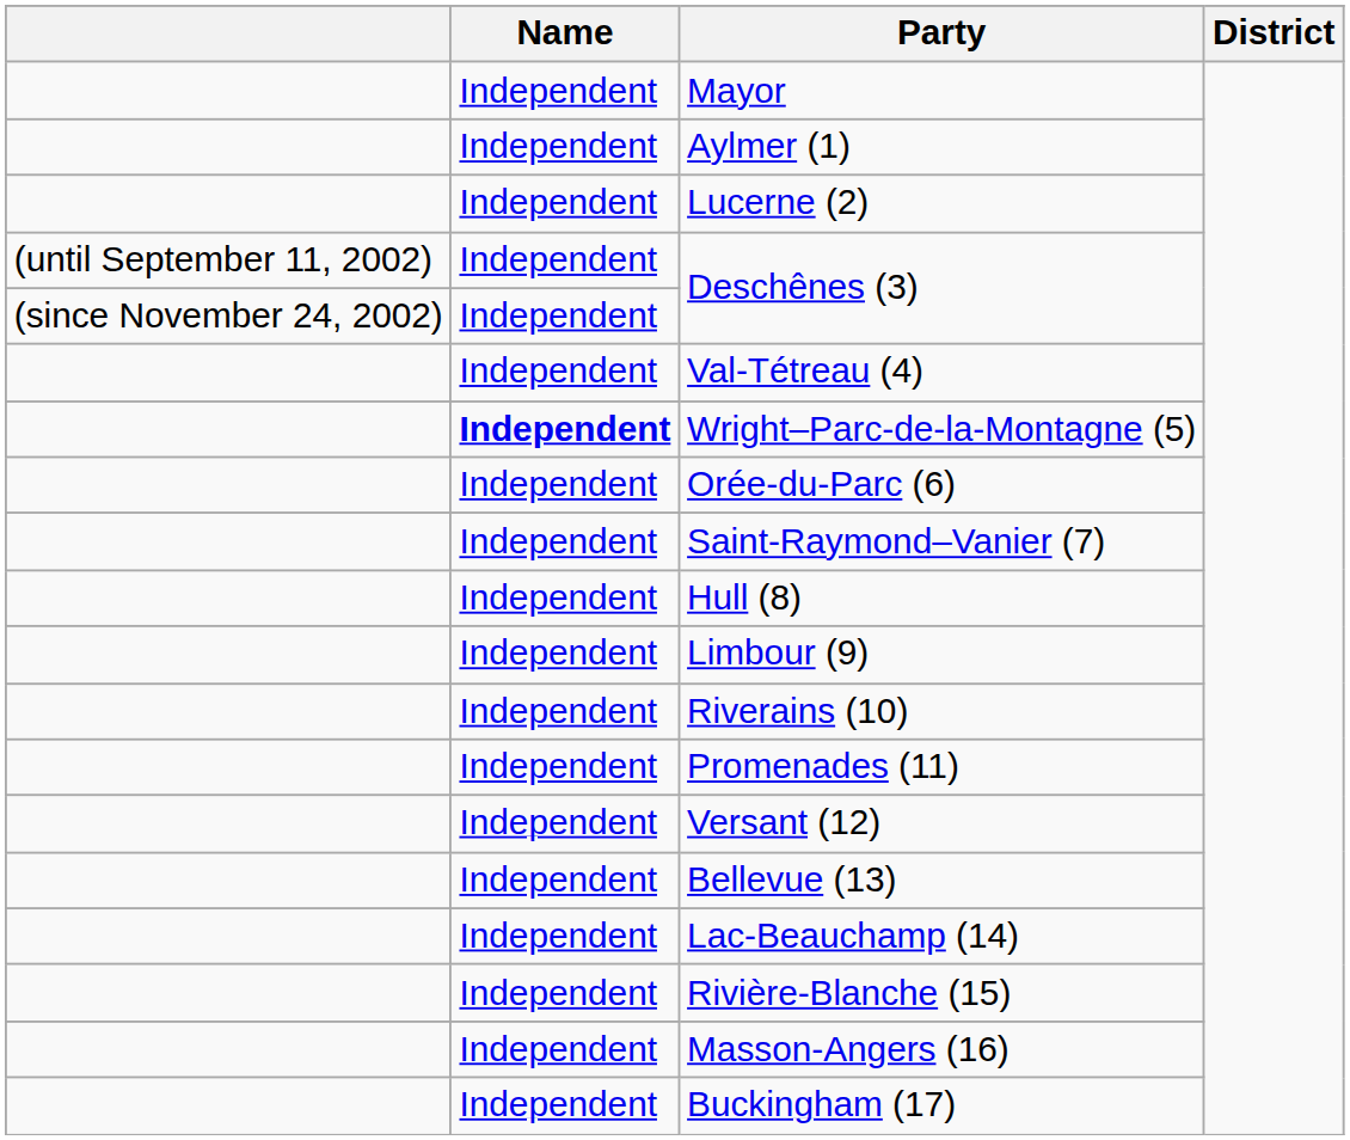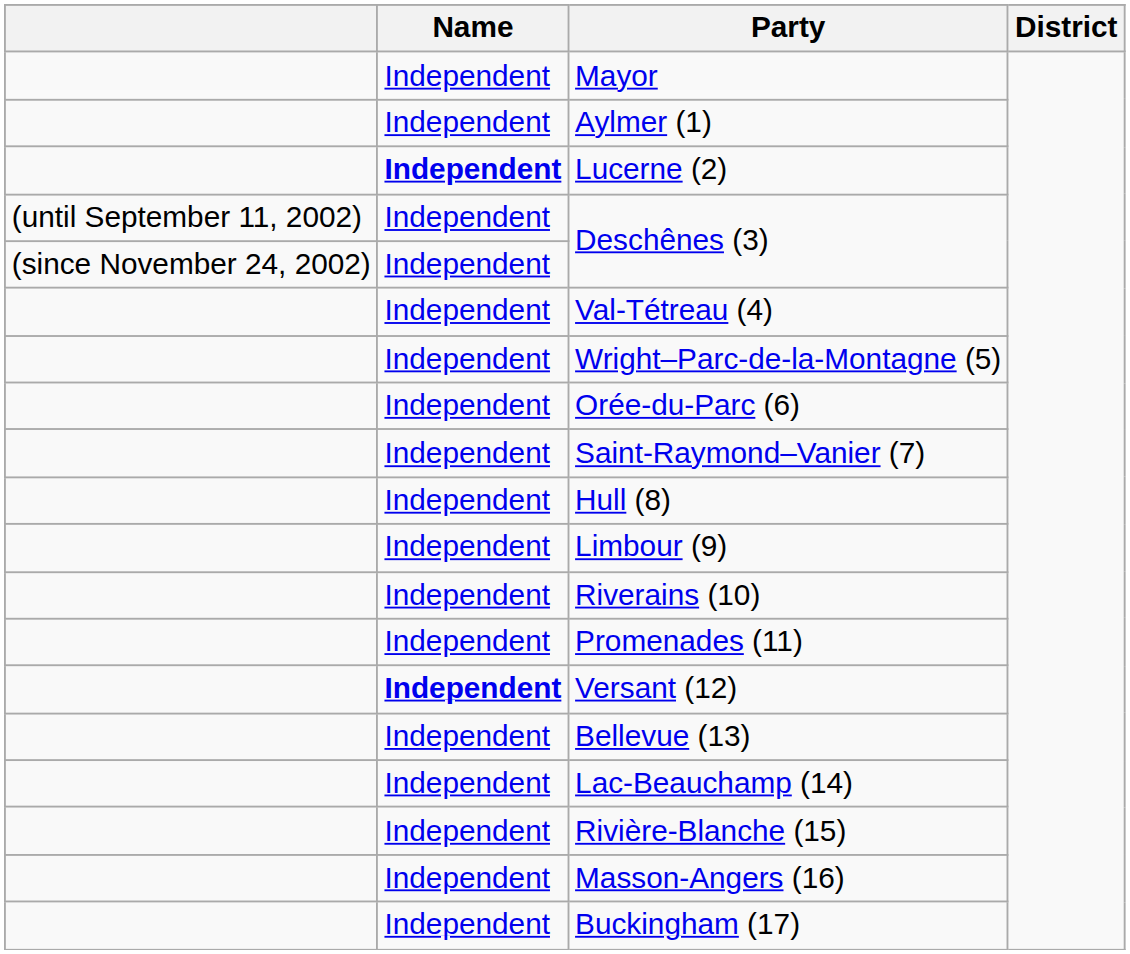 <table class="wikitable sortable">
 <tr>
 <th></th>
 <th>Name</th>
 <th>Party</th>
 <th>District</th>
 </tr>
 <tr>
 <td><strong></strong></td>
 <td><a href='#'>Independent</a></td>
 <td><a href='#'>Mayor</a></td>
 </tr>
 <tr>
 <td></td>
 <td><a href='#'>Independent</a></td>
 <td><a href='#'>Aylmer</a> (1)</td>
 </tr>
 <tr>
 <td></td>
-<td><a href='#'>Independent</a></td>
+<td><strong><a href='#'>Independent</a></strong></td>
 <td><a href='#'>Lucerne</a> (2)</td>
 </tr>
 <tr>
 <td> (until September 11, 2002)</td>
 <td><a href='#'>Independent</a></td>
 <td rowspan="2"><a href='#'>Deschênes</a> (3)</td>
 </tr>
 <tr>
 <td> (since November 24, 2002)</td>
 <td><a href='#'>Independent</a></td>
 </tr>
 <tr>
 <td></td>
 <td><a href='#'>Independent</a></td>
 <td><a href='#'>Val-Tétreau</a> (4)</td>
 </tr>
 <tr>
 <td></td>
-<td><strong><a href='#'>Independent</a></strong></td>
+<td><a href='#'>Independent</a></td>
 <td><a href='#'>Wright–Parc-de-la-Montagne</a> (5)</td>
 </tr>
 <tr>
 <td></td>
 <td><a href='#'>Independent</a></td>
 <td><a href='#'>Orée-du-Parc</a> (6)</td>
 </tr>
 <tr>
 <td></td>
 <td><a href='#'>Independent</a></td>
 <td><a href='#'>Saint-Raymond–Vanier</a> (7)</td>
 </tr>
 <tr>
 <td></td>
 <td><a href='#'>Independent</a></td>
 <td><a href='#'>Hull</a> (8)</td>
 </tr>
 <tr>
 <td></td>
 <td><a href='#'>Independent</a></td>
 <td><a href='#'>Limbour</a> (9)</td>
 </tr>
 <tr>
 <td></td>
 <td><a href='#'>Independent</a></td>
 <td><a href='#'>Riverains</a> (10)</td>
 </tr>
 <tr>
 <td></td>
 <td><a href='#'>Independent</a></td>
 <td><a href='#'>Promenades</a> (11)</td>
 </tr>
 <tr>
 <td></td>
-<td><a href='#'>Independent</a></td>
+<td><strong><a href='#'>Independent</a></strong></td>
 <td><a href='#'>Versant</a> (12)</td>
 </tr>
 <tr>
 <td></td>
 <td><a href='#'>Independent</a></td>
 <td><a href='#'>Bellevue</a> (13)</td>
 </tr>
 <tr>
 <td></td>
 <td><a href='#'>Independent</a></td>
 <td><a href='#'>Lac-Beauchamp</a> (14)</td>
 </tr>
 <tr>
 <td></td>
 <td><a href='#'>Independent</a></td>
 <td><a href='#'>Rivière-Blanche</a> (15)</td>
 </tr>
 <tr>
 <td></td>
 <td><a href='#'>Independent</a></td>
 <td><a href='#'>Masson-Angers</a> (16)</td>
 </tr>
 <tr>
 <td></td>
 <td><a href='#'>Independent</a></td>
 <td><a href='#'>Buckingham</a> (17)</td>
 </tr>
 </table>
